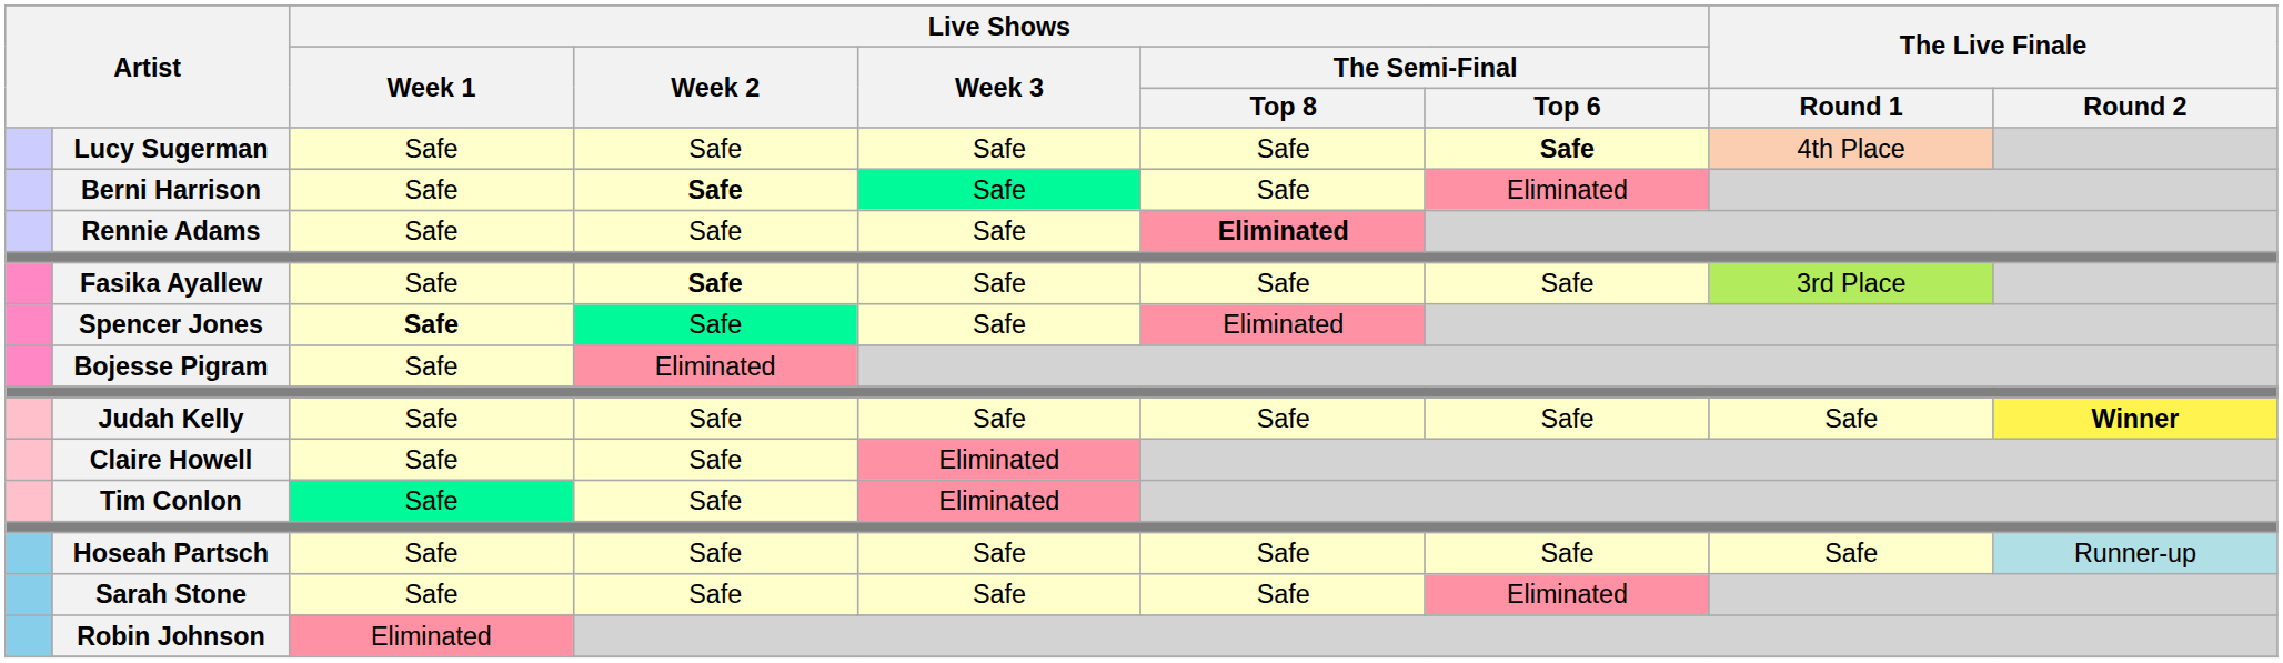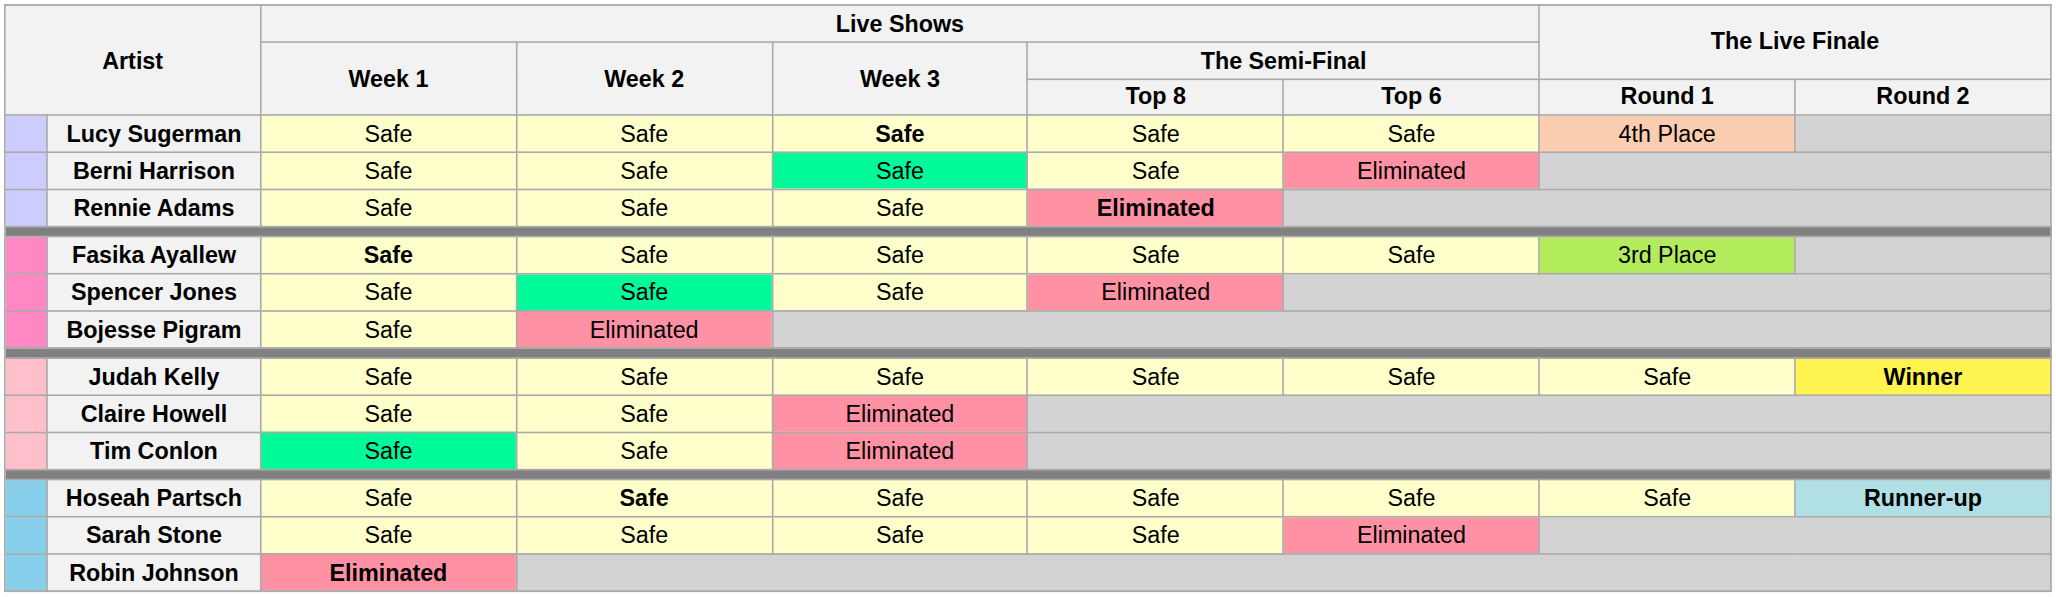 <table class="wikitable" style="font-size:90%; text-align:center; width:100%;">
 <tr>
 </tr>
 <tr>
 <th colspan="2" rowspan="3" width="11%">Artist</th>
 <th colspan="5" width="48%">Live Shows</th>
 <th colspan="2" rowspan="2" width="12%">The Live Finale</th>
 </tr>
 <tr>
 <th rowspan="2" width="12%">Week 1</th>
 <th rowspan="2"  width="12%">Week 2</th>
 <th rowspan="2"  width="12%">Week 3</th>
 <th colspan="2" width="24%">The Semi-Final</th>
 </tr>
 <tr>
 <th width="12%">Top 8</th>
 <th width="12%">Top 6</th>
 <th width="12%">Round 1</th>
 <th width="12%">Round 2</th>
 </tr>
 <tr>
 <th width="2%" style="background:#ccf;"></th>
 <th width="10%">Lucy Sugerman</th>
 <td style="background:#FFFFCC">Safe</td>
 <td style="background:#FFFFCC">Safe</td>
+<td style="background:#FFFFCC"><strong>Safe</strong></td>
 <td style="background:#FFFFCC">Safe</td>
 <td style="background:#FFFFCC">Safe</td>
-<td style="background:#FFFFCC"><strong>Safe</strong></td>
 <td style="background:#FBCEB1">4th Place</td>
 <td colspan="2" style="background:lightgrey"></td>
 </tr>
 <tr>
 <th style="background:#ccf"></th>
 <th>Berni Harrison</th>
 <td style="background:#FFFFCC">Safe</td>
-<td style="background:#FFFFCC"><strong>Safe</strong></td>
+<td style="background:#FFFFCC">Safe</td>
 <td style="background:#00FA9A">Safe</td>
 <td style="background:#FFFFCC">Safe</td>
 <td style="background:#FF91A4">Eliminated</td>
 <td colspan="3" style="background:lightgrey"></td>
 </tr>
 <tr>
 <th style="background:#ccf"></th>
 <th>Rennie Adams</th>
 <td style="background:#FFFFCC">Safe</td>
 <td style="background:#FFFFCC">Safe</td>
 <td style="background:#FFFFCC">Safe</td>
 <td style="background:#FF91A4"><strong>Eliminated</strong></td>
 <td colspan="3" style="background:lightgrey"></td>
 </tr>
 <tr>
 <th colspan="9" style="background:grey;"></th>
 </tr>
 <tr>
 <th style="background:#FF87C3"></th>
 <th>Fasika Ayallew</th>
+<td style="background:#FFFFCC"><strong>Safe</strong></td>
 <td style="background:#FFFFCC">Safe</td>
-<td style="background:#FFFFCC"><strong>Safe</strong></td>
 <td style="background:#FFFFCC">Safe</td>
 <td style="background:#FFFFCC">Safe</td>
 <td style="background:#FFFFCC">Safe</td>
 <td style="background:#B2EC5D">3rd Place</td>
 <td colspan="2" style="background:lightgrey"></td>
 </tr>
 <tr>
 <th style="background:#FF87C3"></th>
 <th>Spencer Jones</th>
-<td style="background:#FFFFCC"><strong>Safe</strong></td>
+<td style="background:#FFFFCC">Safe</td>
 <td style="background:#00FA9A">Safe</td>
 <td style="background:#FFFFCC">Safe</td>
 <td style="background:#FF91A4">Eliminated</td>
 <td colspan="4" style="background:lightgrey"></td>
 </tr>
 <tr>
 <th style="background:#FF87C3"></th>
 <th>Bojesse Pigram</th>
 <td style="background:#FFFFCC">Safe</td>
 <td style="background:#FF91A4">Eliminated</td>
 <td colspan="5" style="background:lightgrey"></td>
 </tr>
 <tr>
 <th colspan="9" style="background:grey;"></th>
 </tr>
 <tr>
 <th style="background:pink"></th>
 <th>Judah Kelly</th>
 <td style="background:#FFFFCC">Safe</td>
 <td style="background:#FFFFCC">Safe</td>
 <td style="background:#FFFFCC">Safe</td>
 <td style="background:#FFFFCC">Safe</td>
 <td style="background:#FFFFCC">Safe</td>
 <td style="background:#FFFFCC">Safe</td>
 <td style="background:#FFF44F"><strong>Winner</strong></td>
 </tr>
 <tr>
 <th style="background:pink"></th>
 <th>Claire Howell</th>
 <td style="background:#FFFFCC">Safe</td>
 <td style="background:#FFFFCC">Safe</td>
 <td style="background:#FF91A4">Eliminated</td>
 <td colspan="4" style="background:lightgrey"></td>
 </tr>
 <tr>
 <th style="background:pink"></th>
 <th>Tim Conlon</th>
 <td style="background:#00FA9A">Safe</td>
 <td style="background:#FFFFCC">Safe</td>
 <td style="background:#FF91A4">Eliminated</td>
 <td colspan="4" style="background:lightgrey"></td>
 </tr>
 <tr>
 <th colspan="9" style="background:grey;"></th>
 </tr>
 <tr>
 <th style="background:#87ceeb"></th>
 <th nowrap>Hoseah Partsch</th>
 <td style="background:#FFFFCC">Safe</td>
+<td style="background:#FFFFCC"><strong>Safe</strong></td>
 <td style="background:#FFFFCC">Safe</td>
 <td style="background:#FFFFCC">Safe</td>
 <td style="background:#FFFFCC">Safe</td>
 <td style="background:#FFFFCC">Safe</td>
-<td style="background:#FFFFCC">Safe</td>
-<td style="background:#B0E0E6">Runner-up</td>
+<td style="background:#B0E0E6"><strong>Runner-up</strong></td>
 </tr>
 <tr>
 <th style="background:#87ceeb"></th>
 <th>Sarah Stone</th>
 <td style="background:#FFFFCC">Safe</td>
 <td style="background:#FFFFCC">Safe</td>
 <td style="background:#FFFFCC">Safe</td>
 <td style="background:#FFFFCC">Safe</td>
 <td style="background:#FF91A4">Eliminated</td>
 <td colspan="2" style="background:lightgrey"></td>
 </tr>
 <tr>
 <th style="background:#87ceeb"></th>
 <th>Robin Johnson</th>
-<td style="background:#FF91A4">Eliminated</td>
+<td style="background:#FF91A4"><strong>Eliminated</strong></td>
 <td colspan="6" style="background:lightgrey"></td>
 </tr>
 <tr>
 </tr>
 </table>
